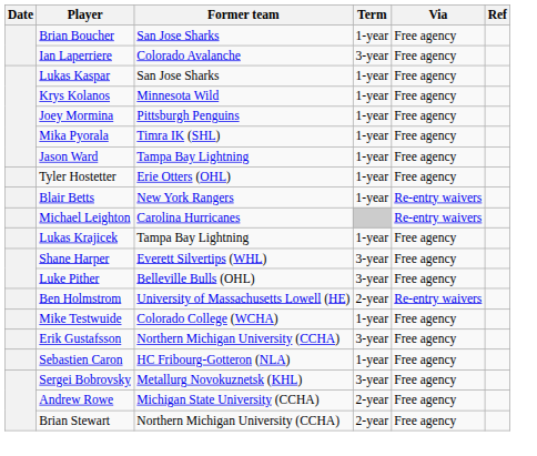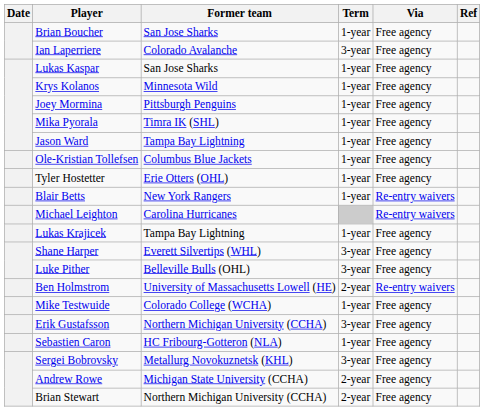 <table class="wikitable plainrowheaders">
 <tr style="background:#ddd; text-align:center;">
 <th>Date</th>
 <th>Player</th>
 <th>Former team</th>
 <th>Term</th>
 <th>Via</th>
 <th>Ref</th>
 </tr>
 <tr>
 <th scope="row" rowspan=2></th>
 <td><a href='#'>Brian Boucher</a></td>
 <td><a href='#'>San Jose Sharks</a></td>
 <td>1-year</td>
 <td>Free agency</td>
 <td></td>
 </tr>
 <tr>
 <td><a href='#'>Ian Laperriere</a></td>
 <td><a href='#'>Colorado Avalanche</a></td>
 <td>3-year</td>
 <td>Free agency</td>
 <td></td>
 </tr>
 <tr>
 <th scope="row" rowspan=5></th>
 <td><a href='#'>Lukas Kaspar</a></td>
 <td>San Jose Sharks</td>
 <td>1-year</td>
 <td>Free agency</td>
 <td></td>
 </tr>
 <tr>
 <td><a href='#'>Krys Kolanos</a></td>
 <td><a href='#'>Minnesota Wild</a></td>
 <td>1-year</td>
 <td>Free agency</td>
 <td></td>
 </tr>
 <tr>
 <td><a href='#'>Joey Mormina</a></td>
 <td><a href='#'>Pittsburgh Penguins</a></td>
 <td>1-year</td>
 <td>Free agency</td>
 <td></td>
 </tr>
 <tr>
 <td><a href='#'>Mika Pyorala</a></td>
 <td><a href='#'>Timra IK</a> (<a href='#'>SHL</a>)</td>
 <td>1-year</td>
 <td>Free agency</td>
 <td></td>
 </tr>
 <tr>
 <td><a href='#'>Jason Ward</a></td>
 <td><a href='#'>Tampa Bay Lightning</a></td>
+<td>1-year</td>
+<td>Free agency</td>
+<td></td>
+</tr>
+<tr>
+<th scope="row"></th>
+<td><a href='#'>Ole-Kristian Tollefsen</a></td>
+<td><a href='#'>Columbus Blue Jackets</a></td>
 <td>1-year</td>
 <td>Free agency</td>
 <td></td>
 </tr>
 <tr>
 <th scope="row"></th>
 <td>Tyler Hostetter</td>
 <td><a href='#'>Erie Otters</a> (<a href='#'>OHL</a>)</td>
 <td>1-year</td>
 <td>Free agency</td>
 <td></td>
 </tr>
 <tr>
 <th scope="row"></th>
 <td><a href='#'>Blair Betts</a></td>
 <td><a href='#'>New York Rangers</a></td>
 <td>1-year</td>
 <td><a href='#'>Re-entry waivers</a></td>
 <td></td>
 </tr>
 <tr>
 <th scope="row"></th>
 <td><a href='#'>Michael Leighton</a></td>
 <td><a href='#'>Carolina Hurricanes</a></td>
 <td style="background:#ccc"></td>
 <td><a href='#'>Re-entry waivers</a></td>
 <td></td>
 </tr>
 <tr>
 <th scope="row"></th>
 <td><a href='#'>Lukas Krajicek</a></td>
 <td>Tampa Bay Lightning</td>
 <td>1-year</td>
 <td>Free agency</td>
 <td></td>
 </tr>
 <tr>
 <th scope="row" rowspan=2></th>
 <td><a href='#'>Shane Harper</a></td>
 <td><a href='#'>Everett Silvertips</a> (<a href='#'>WHL</a>)</td>
 <td>3-year</td>
 <td>Free agency</td>
 <td></td>
 </tr>
 <tr>
 <td><a href='#'>Luke Pither</a></td>
 <td><a href='#'>Belleville Bulls</a> (OHL)</td>
 <td>3-year</td>
 <td>Free agency</td>
 <td></td>
 </tr>
 <tr>
 <th scope="row"></th>
 <td><a href='#'>Ben Holmstrom</a></td>
 <td><a href='#'>University of Massachusetts Lowell</a> (<a href='#'>HE</a>)</td>
 <td>2-year</td>
 <td><a href='#'>Re-entry waivers</a></td>
 <td></td>
 </tr>
 <tr>
 <th scope="row"></th>
 <td><a href='#'>Mike Testwuide</a></td>
 <td><a href='#'>Colorado College</a> (<a href='#'>WCHA</a>)</td>
 <td>1-year</td>
 <td>Free agency</td>
 <td></td>
 </tr>
 <tr>
 <th scope="row"></th>
 <td><a href='#'>Erik Gustafsson</a></td>
 <td><a href='#'>Northern Michigan University</a> (<a href='#'>CCHA</a>)</td>
 <td>3-year</td>
 <td>Free agency</td>
 <td></td>
 </tr>
 <tr>
 <th scope="row"></th>
 <td><a href='#'>Sebastien Caron</a></td>
 <td><a href='#'>HC Fribourg-Gotteron</a> (<a href='#'>NLA</a>)</td>
 <td>1-year</td>
 <td>Free agency</td>
 <td></td>
 </tr>
 <tr>
 <th scope="row" rowspan=3></th>
 <td><a href='#'>Sergei Bobrovsky</a></td>
 <td><a href='#'>Metallurg Novokuznetsk</a> (<a href='#'>KHL</a>)</td>
 <td>3-year</td>
 <td>Free agency</td>
 <td></td>
 </tr>
 <tr>
 <td><a href='#'>Andrew Rowe</a></td>
 <td><a href='#'>Michigan State University</a> (CCHA)</td>
 <td>2-year</td>
 <td>Free agency</td>
 <td></td>
 </tr>
 <tr>
 <td>Brian Stewart</td>
 <td>Northern Michigan University (CCHA)</td>
 <td>2-year</td>
 <td>Free agency</td>
 <td></td>
 </tr>
 </table>
